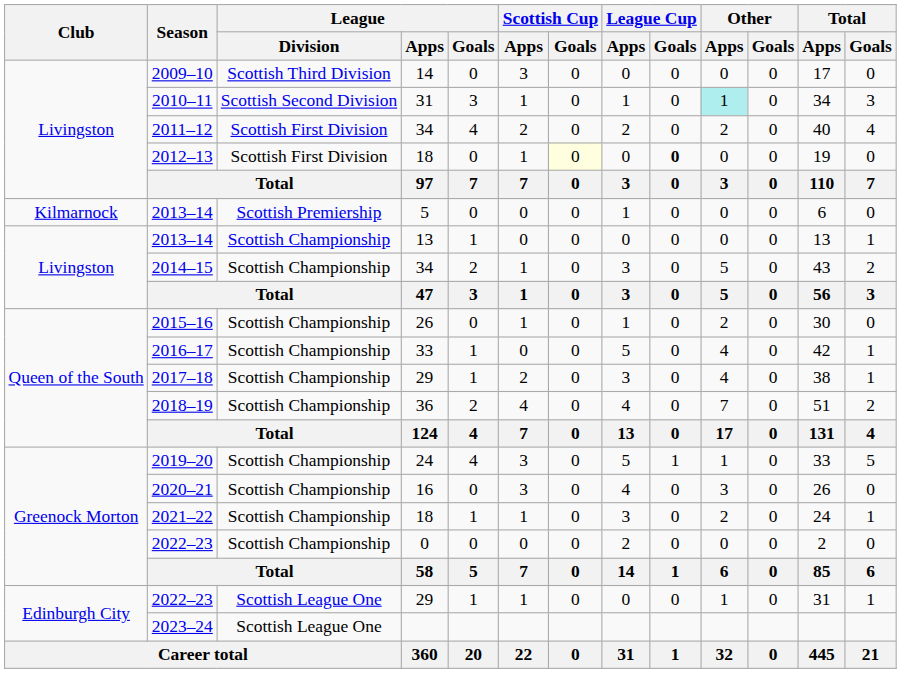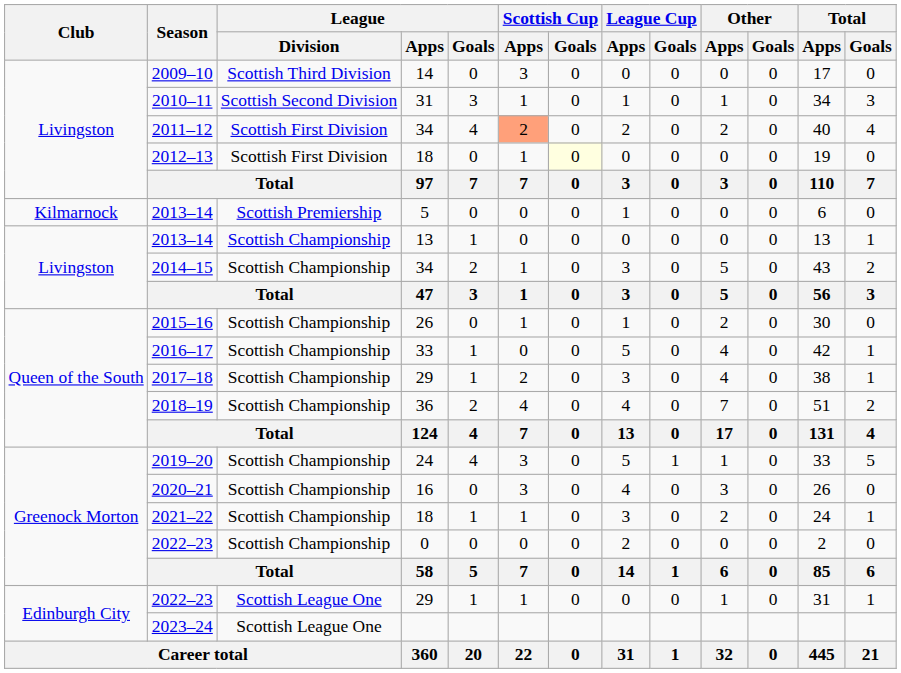 <table class="wikitable" style="text-align: center">
 <tr>
 <th rowspan="2">Club</th>
 <th rowspan="2">Season</th>
 <th colspan="3">League</th>
 <th colspan="2"><a href='#'>Scottish Cup</a></th>
 <th colspan="2"><a href='#'>League Cup</a></th>
 <th colspan="2">Other</th>
 <th colspan="2">Total</th>
 </tr>
 <tr>
 <th>Division</th>
 <th>Apps</th>
 <th>Goals</th>
 <th>Apps</th>
 <th>Goals</th>
 <th>Apps</th>
 <th>Goals</th>
 <th>Apps</th>
 <th>Goals</th>
 <th>Apps</th>
 <th>Goals</th>
 </tr>
 <tr>
 <td rowspan=5><a href='#'>Livingston</a></td>
 <td><a href='#'>2009–10</a></td>
 <td><a href='#'>Scottish Third Division</a></td>
 <td>14</td>
 <td>0</td>
 <td>3</td>
 <td>0</td>
 <td>0</td>
 <td>0</td>
 <td>0</td>
 <td>0</td>
 <td>17</td>
 <td>0</td>
 </tr>
 <tr>
 <td><a href='#'>2010–11</a></td>
 <td><a href='#'>Scottish Second Division</a></td>
 <td>31</td>
 <td>3</td>
 <td>1</td>
 <td>0</td>
 <td>1</td>
 <td>0</td>
-<td style="background: paleturquoise;">1</td>
+<td>1</td>
 <td>0</td>
 <td>34</td>
 <td>3</td>
 </tr>
 <tr>
 <td><a href='#'>2011–12</a></td>
 <td><a href='#'>Scottish First Division</a></td>
 <td>34</td>
 <td>4</td>
-<td>2</td>
+<td style="background: lightsalmon;">2</td>
 <td>0</td>
 <td>2</td>
 <td>0</td>
 <td>2</td>
 <td>0</td>
 <td>40</td>
 <td>4</td>
 </tr>
 <tr>
 <td><a href='#'>2012–13</a></td>
 <td>Scottish First Division</td>
 <td>18</td>
 <td>0</td>
 <td>1</td>
 <td style="background: lightyellow;">0</td>
 <td>0</td>
-<td><strong>0</strong></td>
+<td>0</td>
 <td>0</td>
 <td>0</td>
 <td>19</td>
 <td>0</td>
 </tr>
 <tr>
 <th colspan=2>Total</th>
 <th>97</th>
 <th>7</th>
 <th>7</th>
 <th>0</th>
 <th>3</th>
 <th>0</th>
 <th>3</th>
 <th>0</th>
 <th>110</th>
 <th>7</th>
 </tr>
 <tr>
 <td><a href='#'>Kilmarnock</a></td>
 <td><a href='#'>2013–14</a></td>
 <td><a href='#'>Scottish Premiership</a></td>
 <td>5</td>
 <td>0</td>
 <td>0</td>
 <td>0</td>
 <td>1</td>
 <td>0</td>
 <td>0</td>
 <td>0</td>
 <td>6</td>
 <td>0</td>
 </tr>
 <tr>
 <td rowspan=3><a href='#'>Livingston</a></td>
 <td><a href='#'>2013–14</a></td>
 <td><a href='#'>Scottish Championship</a></td>
 <td>13</td>
 <td>1</td>
 <td>0</td>
 <td>0</td>
 <td>0</td>
 <td>0</td>
 <td>0</td>
 <td>0</td>
 <td>13</td>
 <td>1</td>
 </tr>
 <tr>
 <td><a href='#'>2014–15</a></td>
 <td>Scottish Championship</td>
 <td>34</td>
 <td>2</td>
 <td>1</td>
 <td>0</td>
 <td>3</td>
 <td>0</td>
 <td>5</td>
 <td>0</td>
 <td>43</td>
 <td>2</td>
 </tr>
 <tr>
 <th colspan=2>Total</th>
 <th>47</th>
 <th>3</th>
 <th>1</th>
 <th>0</th>
 <th>3</th>
 <th>0</th>
 <th>5</th>
 <th>0</th>
 <th>56</th>
 <th>3</th>
 </tr>
 <tr>
 <td rowspan=5><a href='#'>Queen of the South</a></td>
 <td><a href='#'>2015–16</a></td>
 <td>Scottish Championship</td>
 <td>26</td>
 <td>0</td>
 <td>1</td>
 <td>0</td>
 <td>1</td>
 <td>0</td>
 <td>2</td>
 <td>0</td>
 <td>30</td>
 <td>0</td>
 </tr>
 <tr>
 <td><a href='#'>2016–17</a></td>
 <td>Scottish Championship</td>
 <td>33</td>
 <td>1</td>
 <td>0</td>
 <td>0</td>
 <td>5</td>
 <td>0</td>
 <td>4</td>
 <td>0</td>
 <td>42</td>
 <td>1</td>
 </tr>
 <tr>
 <td><a href='#'>2017–18</a></td>
 <td>Scottish Championship</td>
 <td>29</td>
 <td>1</td>
 <td>2</td>
 <td>0</td>
 <td>3</td>
 <td>0</td>
 <td>4</td>
 <td>0</td>
 <td>38</td>
 <td>1</td>
 </tr>
 <tr>
 <td><a href='#'>2018–19</a></td>
 <td>Scottish Championship</td>
 <td>36</td>
 <td>2</td>
 <td>4</td>
 <td>0</td>
 <td>4</td>
 <td>0</td>
 <td>7</td>
 <td>0</td>
 <td>51</td>
 <td>2</td>
 </tr>
 <tr>
 <th colspan=2>Total</th>
 <th>124</th>
 <th>4</th>
 <th>7</th>
 <th>0</th>
 <th>13</th>
 <th>0</th>
 <th>17</th>
 <th>0</th>
 <th>131</th>
 <th>4</th>
 </tr>
 <tr>
 <td rowspan="5"><a href='#'>Greenock Morton</a></td>
 <td><a href='#'>2019–20</a></td>
 <td>Scottish Championship</td>
 <td>24</td>
 <td>4</td>
 <td>3</td>
 <td>0</td>
 <td>5</td>
 <td>1</td>
 <td>1</td>
 <td>0</td>
 <td>33</td>
 <td>5</td>
 </tr>
 <tr>
 <td><a href='#'>2020–21</a></td>
 <td>Scottish Championship</td>
 <td>16</td>
 <td>0</td>
 <td>3</td>
 <td>0</td>
 <td>4</td>
 <td>0</td>
 <td>3</td>
 <td>0</td>
 <td>26</td>
 <td>0</td>
 </tr>
 <tr>
 <td><a href='#'>2021–22</a></td>
 <td>Scottish Championship</td>
 <td>18</td>
 <td>1</td>
 <td>1</td>
 <td>0</td>
 <td>3</td>
 <td>0</td>
 <td>2</td>
 <td>0</td>
 <td>24</td>
 <td>1</td>
 </tr>
 <tr>
 <td><a href='#'>2022–23</a></td>
 <td>Scottish Championship</td>
 <td>0</td>
 <td>0</td>
 <td>0</td>
 <td>0</td>
 <td>2</td>
 <td>0</td>
 <td>0</td>
 <td>0</td>
 <td>2</td>
 <td>0</td>
 </tr>
 <tr>
 <th colspan="2">Total</th>
 <th>58</th>
 <th>5</th>
 <th>7</th>
 <th>0</th>
 <th>14</th>
 <th>1</th>
 <th>6</th>
 <th>0</th>
 <th>85</th>
 <th>6</th>
 </tr>
 <tr>
 <td rowspan="2"><a href='#'>Edinburgh City</a></td>
 <td><a href='#'>2022–23</a></td>
 <td><a href='#'>Scottish League One</a></td>
 <td>29</td>
 <td>1</td>
 <td>1</td>
 <td>0</td>
 <td>0</td>
 <td>0</td>
 <td>1</td>
 <td>0</td>
 <td>31</td>
 <td>1</td>
 </tr>
 <tr>
 <td><a href='#'>2023–24</a></td>
 <td>Scottish League One</td>
 <td></td>
 <td></td>
 <td></td>
 <td></td>
 <td></td>
 <td></td>
 <td></td>
 <td></td>
 <td></td>
 <td></td>
 </tr>
 <tr>
 <th colspan="3">Career total</th>
 <th>360</th>
 <th>20</th>
 <th>22</th>
 <th>0</th>
 <th>31</th>
 <th>1</th>
 <th>32</th>
 <th>0</th>
 <th>445</th>
 <th>21</th>
 </tr>
 </table>
